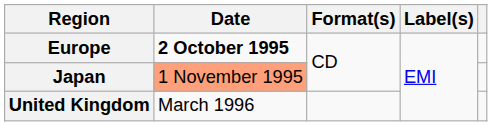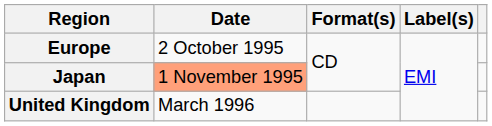 <table class="wikitable plainrowheaders">
 <tr>
 <th scope="col">Region</th>
 <th scope="col">Date</th>
 <th scope="col">Format(s)</th>
 <th scope="col">Label(s)</th>
 <th scope="col"></th>
 </tr>
 <tr>
 <th scope="row">Europe</th>
-<td><strong>2 October 1995</strong></td>
+<td>2 October 1995</td>
 <td rowspan="2">CD</td>
 <td rowspan="3"><a href='#'>EMI</a></td>
 <td></td>
 </tr>
 <tr>
 <th scope="row">Japan</th>
 <td style="background: lightsalmon;">1 November 1995</td>
 <td></td>
 </tr>
 <tr>
 <th scope="row">United Kingdom</th>
 <td>March 1996</td>
 <td></td>
 <td></td>
 </tr>
 </table>
